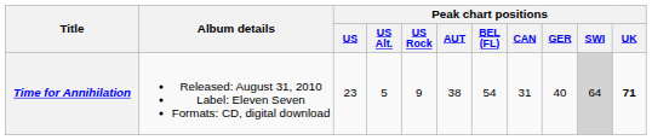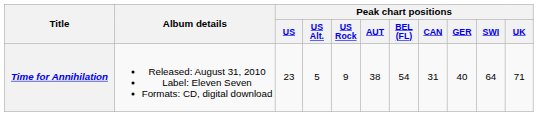 <table class="wikitable plainrowheaders" style="text-align:center;">
 <tr>
 <th scope="col" rowspan="2" style="width:12em;">Title</th>
 <th scope="col" rowspan="2" style="width:18em;">Album details</th>
 <th scope="col" colspan="9">Peak chart positions</th>
 </tr>
 <tr>
 <th scope="col" style="width:3em;font-size:90%;"><a href='#'>US</a><br></th>
 <th scope="col" style="width:3em;font-size:90%;"><a href='#'>US<br>Alt.</a><br></th>
 <th scope="col" style="width:3em;font-size:90%;"><a href='#'>US<br>Rock</a><br></th>
 <th scope="col" style="width:3em;font-size:90%;"><a href='#'>AUT</a><br></th>
 <th scope="col" style="width:3em;font-size:90%;"><a href='#'>BEL<br>(FL)</a><br></th>
 <th scope="col" style="width:3em;font-size:90%;"><a href='#'>CAN</a><br></th>
 <th scope="col" style="width:3em;font-size:90%;"><a href='#'>GER</a><br></th>
 <th scope="col" style="width:3em;font-size:90%;"><a href='#'>SWI</a><br></th>
 <th scope="col" style="width:3em;font-size:90%;"><a href='#'>UK</a><br></th>
 </tr>
 <tr>
 <th scope="row"><em><a href='#'>Time for Annihilation</a></em></th>
 <td><br><ul><li>Released: August 31, 2010</li><li>Label: Eleven Seven</li><li>Formats: CD, digital download</li></ul></td>
 <td>23</td>
 <td>5</td>
 <td>9</td>
 <td>38</td>
 <td>54</td>
 <td>31</td>
 <td>40</td>
-<td style="background: lightgrey;">64</td>
-<td><strong>71</strong></td>
+<td>64</td>
+<td>71</td>
 </tr>
 </table>
